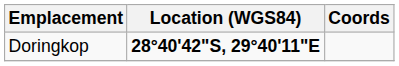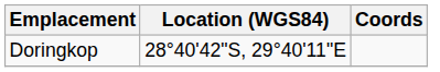 <table class="wikitable">
 <tr>
 <th>Emplacement</th>
 <th>Location (WGS84)</th>
 <th>Coords</th>
 </tr>
 <tr>
 <td>Doringkop</td>
-<td><strong>28°40'42"S, 29°40'11"E</strong></td>
+<td>28°40'42"S, 29°40'11"E</td>
 <td></td>
 </tr>
 <tr>
 </tr>
 </table>
